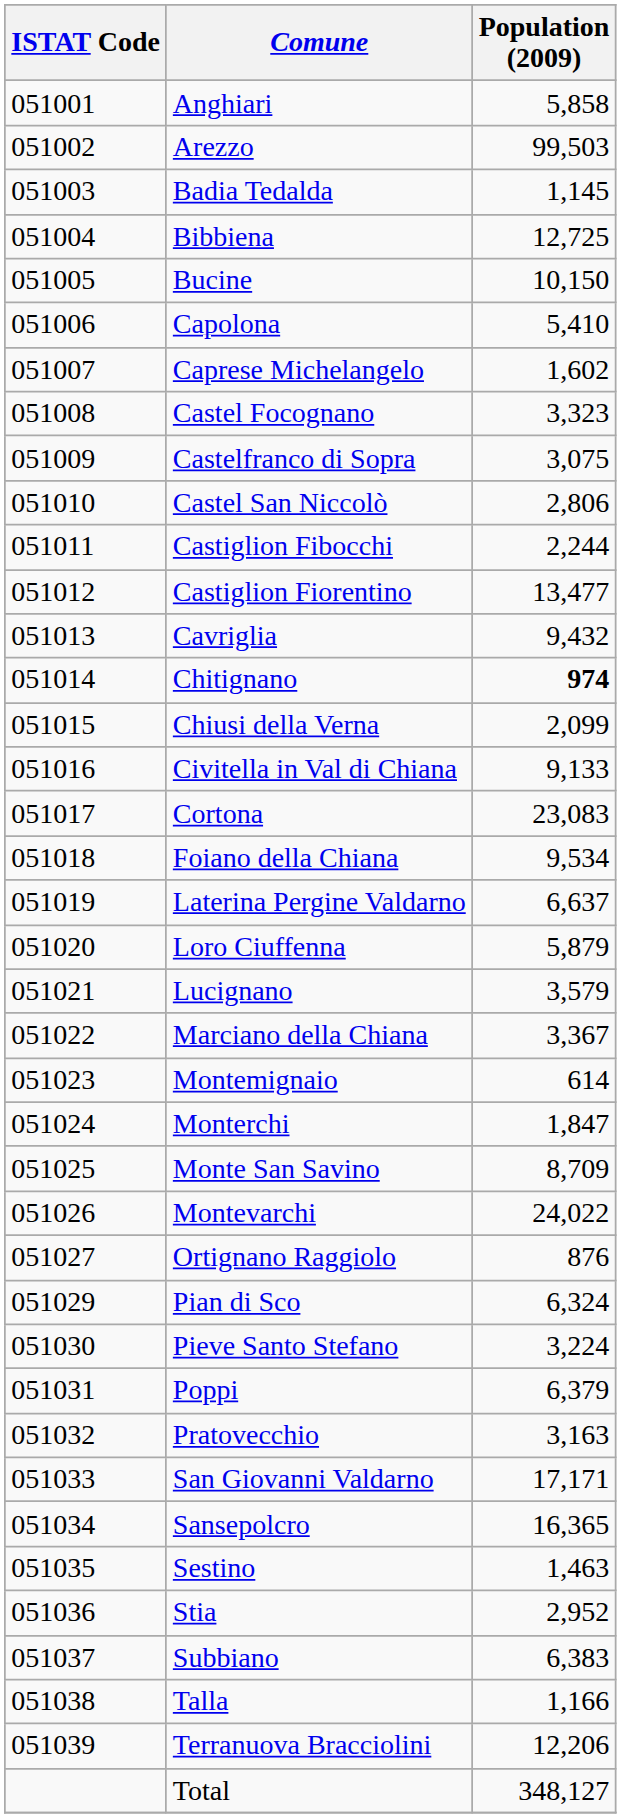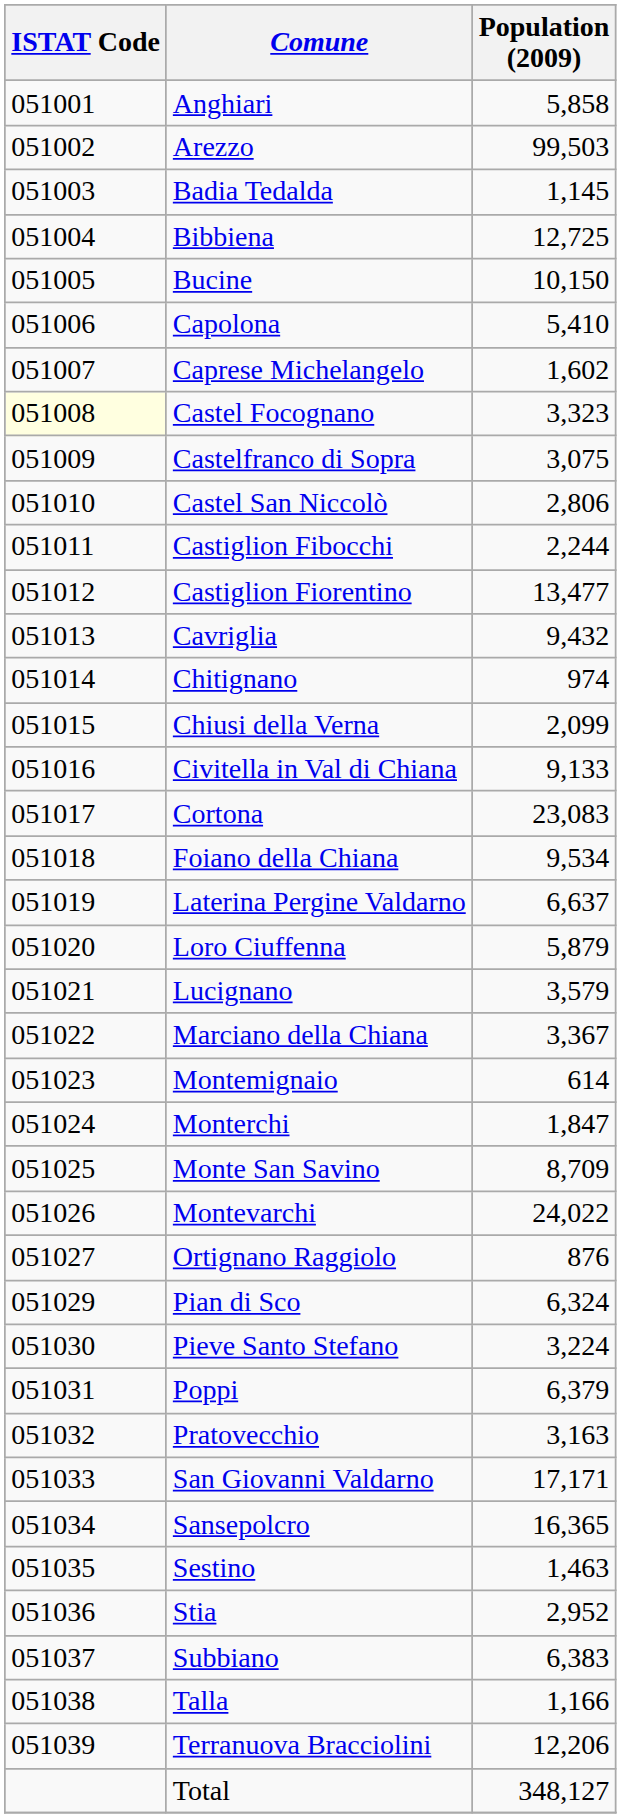 <table class="wikitable sortable">
 <tr>
 <th><a href='#'>ISTAT</a> Code</th>
 <th><em><a href='#'>Comune</a></em></th>
 <th>Population <br>(2009)</th>
 </tr>
 <tr>
 <td>051001</td>
 <td><a href='#'>Anghiari</a></td>
 <td align="right">5,858</td>
 </tr>
 <tr>
 <td>051002</td>
 <td><a href='#'>Arezzo</a></td>
 <td align="right">99,503</td>
 </tr>
 <tr>
 <td>051003</td>
 <td><a href='#'>Badia Tedalda</a></td>
 <td align="right">1,145</td>
 </tr>
 <tr>
 <td>051004</td>
 <td><a href='#'>Bibbiena</a></td>
 <td align="right">12,725</td>
 </tr>
 <tr>
 <td>051005</td>
 <td><a href='#'>Bucine</a></td>
 <td align="right">10,150</td>
 </tr>
 <tr>
 <td>051006</td>
 <td><a href='#'>Capolona</a></td>
 <td align="right">5,410</td>
 </tr>
 <tr>
 <td>051007</td>
 <td><a href='#'>Caprese Michelangelo</a></td>
 <td align="right">1,602</td>
 </tr>
 <tr>
-<td>051008</td>
+<td style="background: lightyellow;">051008</td>
 <td><a href='#'>Castel Focognano</a></td>
 <td align="right">3,323</td>
 </tr>
 <tr>
 <td>051009</td>
 <td><a href='#'>Castelfranco di Sopra</a></td>
 <td align="right">3,075</td>
 </tr>
 <tr>
 <td>051010</td>
 <td><a href='#'>Castel San Niccolò</a></td>
 <td align="right">2,806</td>
 </tr>
 <tr>
 <td>051011</td>
 <td><a href='#'>Castiglion Fibocchi</a></td>
 <td align="right">2,244</td>
 </tr>
 <tr>
 <td>051012</td>
 <td><a href='#'>Castiglion Fiorentino</a></td>
 <td align="right">13,477</td>
 </tr>
 <tr>
 <td>051013</td>
 <td><a href='#'>Cavriglia</a></td>
 <td align="right">9,432</td>
 </tr>
 <tr>
 <td>051014</td>
 <td><a href='#'>Chitignano</a></td>
-<td align="right"><strong>974</strong></td>
+<td align="right">974</td>
 </tr>
 <tr>
 <td>051015</td>
 <td><a href='#'>Chiusi della Verna</a></td>
 <td align="right">2,099</td>
 </tr>
 <tr>
 <td>051016</td>
 <td><a href='#'>Civitella in Val di Chiana</a></td>
 <td align="right">9,133</td>
 </tr>
 <tr>
 <td>051017</td>
 <td><a href='#'>Cortona</a></td>
 <td align="right">23,083</td>
 </tr>
 <tr>
 <td>051018</td>
 <td><a href='#'>Foiano della Chiana</a></td>
 <td align="right">9,534</td>
 </tr>
 <tr>
 <td>051019</td>
 <td><a href='#'>Laterina Pergine Valdarno</a></td>
 <td align="right">6,637</td>
 </tr>
 <tr>
 <td>051020</td>
 <td><a href='#'>Loro Ciuffenna</a></td>
 <td align="right">5,879</td>
 </tr>
 <tr>
 <td>051021</td>
 <td><a href='#'>Lucignano</a></td>
 <td align="right">3,579</td>
 </tr>
 <tr>
 <td>051022</td>
 <td><a href='#'>Marciano della Chiana</a></td>
 <td align="right">3,367</td>
 </tr>
 <tr>
 <td>051023</td>
 <td><a href='#'>Montemignaio</a></td>
 <td align="right">614</td>
 </tr>
 <tr>
 <td>051024</td>
 <td><a href='#'>Monterchi</a></td>
 <td align="right">1,847</td>
 </tr>
 <tr>
 <td>051025</td>
 <td><a href='#'>Monte San Savino</a></td>
 <td align="right">8,709</td>
 </tr>
 <tr>
 <td>051026</td>
 <td><a href='#'>Montevarchi</a></td>
 <td align="right">24,022</td>
 </tr>
 <tr>
 <td>051027</td>
 <td><a href='#'>Ortignano Raggiolo</a></td>
 <td align="right">876</td>
 </tr>
 <tr>
 <td>051029</td>
 <td><a href='#'>Pian di Sco</a></td>
 <td align="right">6,324</td>
 </tr>
 <tr>
 <td>051030</td>
 <td><a href='#'>Pieve Santo Stefano</a></td>
 <td align="right">3,224</td>
 </tr>
 <tr>
 <td>051031</td>
 <td><a href='#'>Poppi</a></td>
 <td align="right">6,379</td>
 </tr>
 <tr>
 <td>051032</td>
 <td><a href='#'>Pratovecchio</a></td>
 <td align="right">3,163</td>
 </tr>
 <tr>
 <td>051033</td>
 <td><a href='#'>San Giovanni Valdarno</a></td>
 <td align="right">17,171</td>
 </tr>
 <tr>
 <td>051034</td>
 <td><a href='#'>Sansepolcro</a></td>
 <td align="right">16,365</td>
 </tr>
 <tr>
 <td>051035</td>
 <td><a href='#'>Sestino</a></td>
 <td align="right">1,463</td>
 </tr>
 <tr>
 <td>051036</td>
 <td><a href='#'>Stia</a></td>
 <td align="right">2,952</td>
 </tr>
 <tr>
 <td>051037</td>
 <td><a href='#'>Subbiano</a></td>
 <td align="right">6,383</td>
 </tr>
 <tr>
 <td>051038</td>
 <td><a href='#'>Talla</a></td>
 <td align="right">1,166</td>
 </tr>
 <tr>
 <td>051039</td>
 <td><a href='#'>Terranuova Bracciolini</a></td>
 <td align="right">12,206</td>
 </tr>
 <tr>
 <td></td>
 <td>Total</td>
 <td align="right">348,127</td>
 </tr>
 <tr>
 </tr>
 </table>
